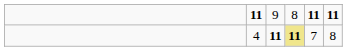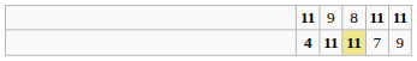 <table class="wikitable">
 <tr>
 <td style="width:18em"></td>
 <td align=center style="width:1em"><strong>11</strong></td>
 <td align=center style="width:1em">9</td>
 <td align=center style="width:1em">8</td>
 <td align=center style="width:1em"><strong>11</strong></td>
 <td align=center style="width:1em"><strong>11</strong></td>
 </tr>
 <tr>
 <td style="width:18em"></td>
-<td align=center style="width:1em">4</td>
+<td align=center style="width:1em"><strong>4</strong></td>
 <td align=center style="width:1em"><strong>11</strong></td>
 <td align=center style="background: khaki; width:1em"><strong>11</strong></td>
 <td align=center style="width:1em">7</td>
-<td align=center style="width:1em">8</td>
+<td align=center style="width:1em">9</td>
 </tr>
 </table>
